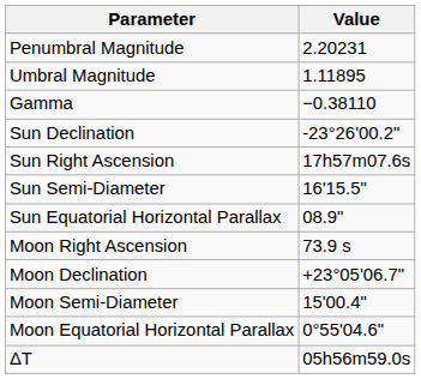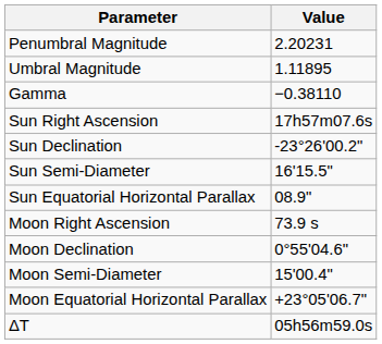 <table class="wikitable">
 <tr>
 <th>Parameter</th>
 <th>Value</th>
 </tr>
 <tr>
 <td>Penumbral Magnitude</td>
 <td>2.20231</td>
 </tr>
 <tr>
 <td>Umbral Magnitude</td>
 <td>1.11895</td>
 </tr>
 <tr>
 <td>Gamma</td>
 <td>−0.38110</td>
 </tr>
 <tr>
+<td>Sun Right Ascension</td>
+<td>17h57m07.6s</td>
+</tr>
+<tr>
 <td>Sun Declination</td>
 <td>-23°26'00.2"</td>
-</tr>
-<tr>
-<td>Sun Right Ascension</td>
-<td>17h57m07.6s</td>
 </tr>
 <tr>
 <td>Sun Semi-Diameter</td>
 <td>16'15.5"</td>
 </tr>
 <tr>
 <td>Sun Equatorial Horizontal Parallax</td>
 <td>08.9"</td>
 </tr>
 <tr>
 <td>Moon Right Ascension</td>
 <td>73.9 s</td>
 </tr>
 <tr>
 <td>Moon Declination</td>
-<td>+23°05'06.7"</td>
+<td>0°55'04.6"</td>
 </tr>
 <tr>
 <td>Moon Semi-Diameter</td>
 <td>15'00.4"</td>
 </tr>
 <tr>
 <td>Moon Equatorial Horizontal Parallax</td>
-<td>0°55'04.6"</td>
+<td>+23°05'06.7"</td>
 </tr>
 <tr>
 <td>ΔT</td>
 <td>05h56m59.0s</td>
 </tr>
 </table>
